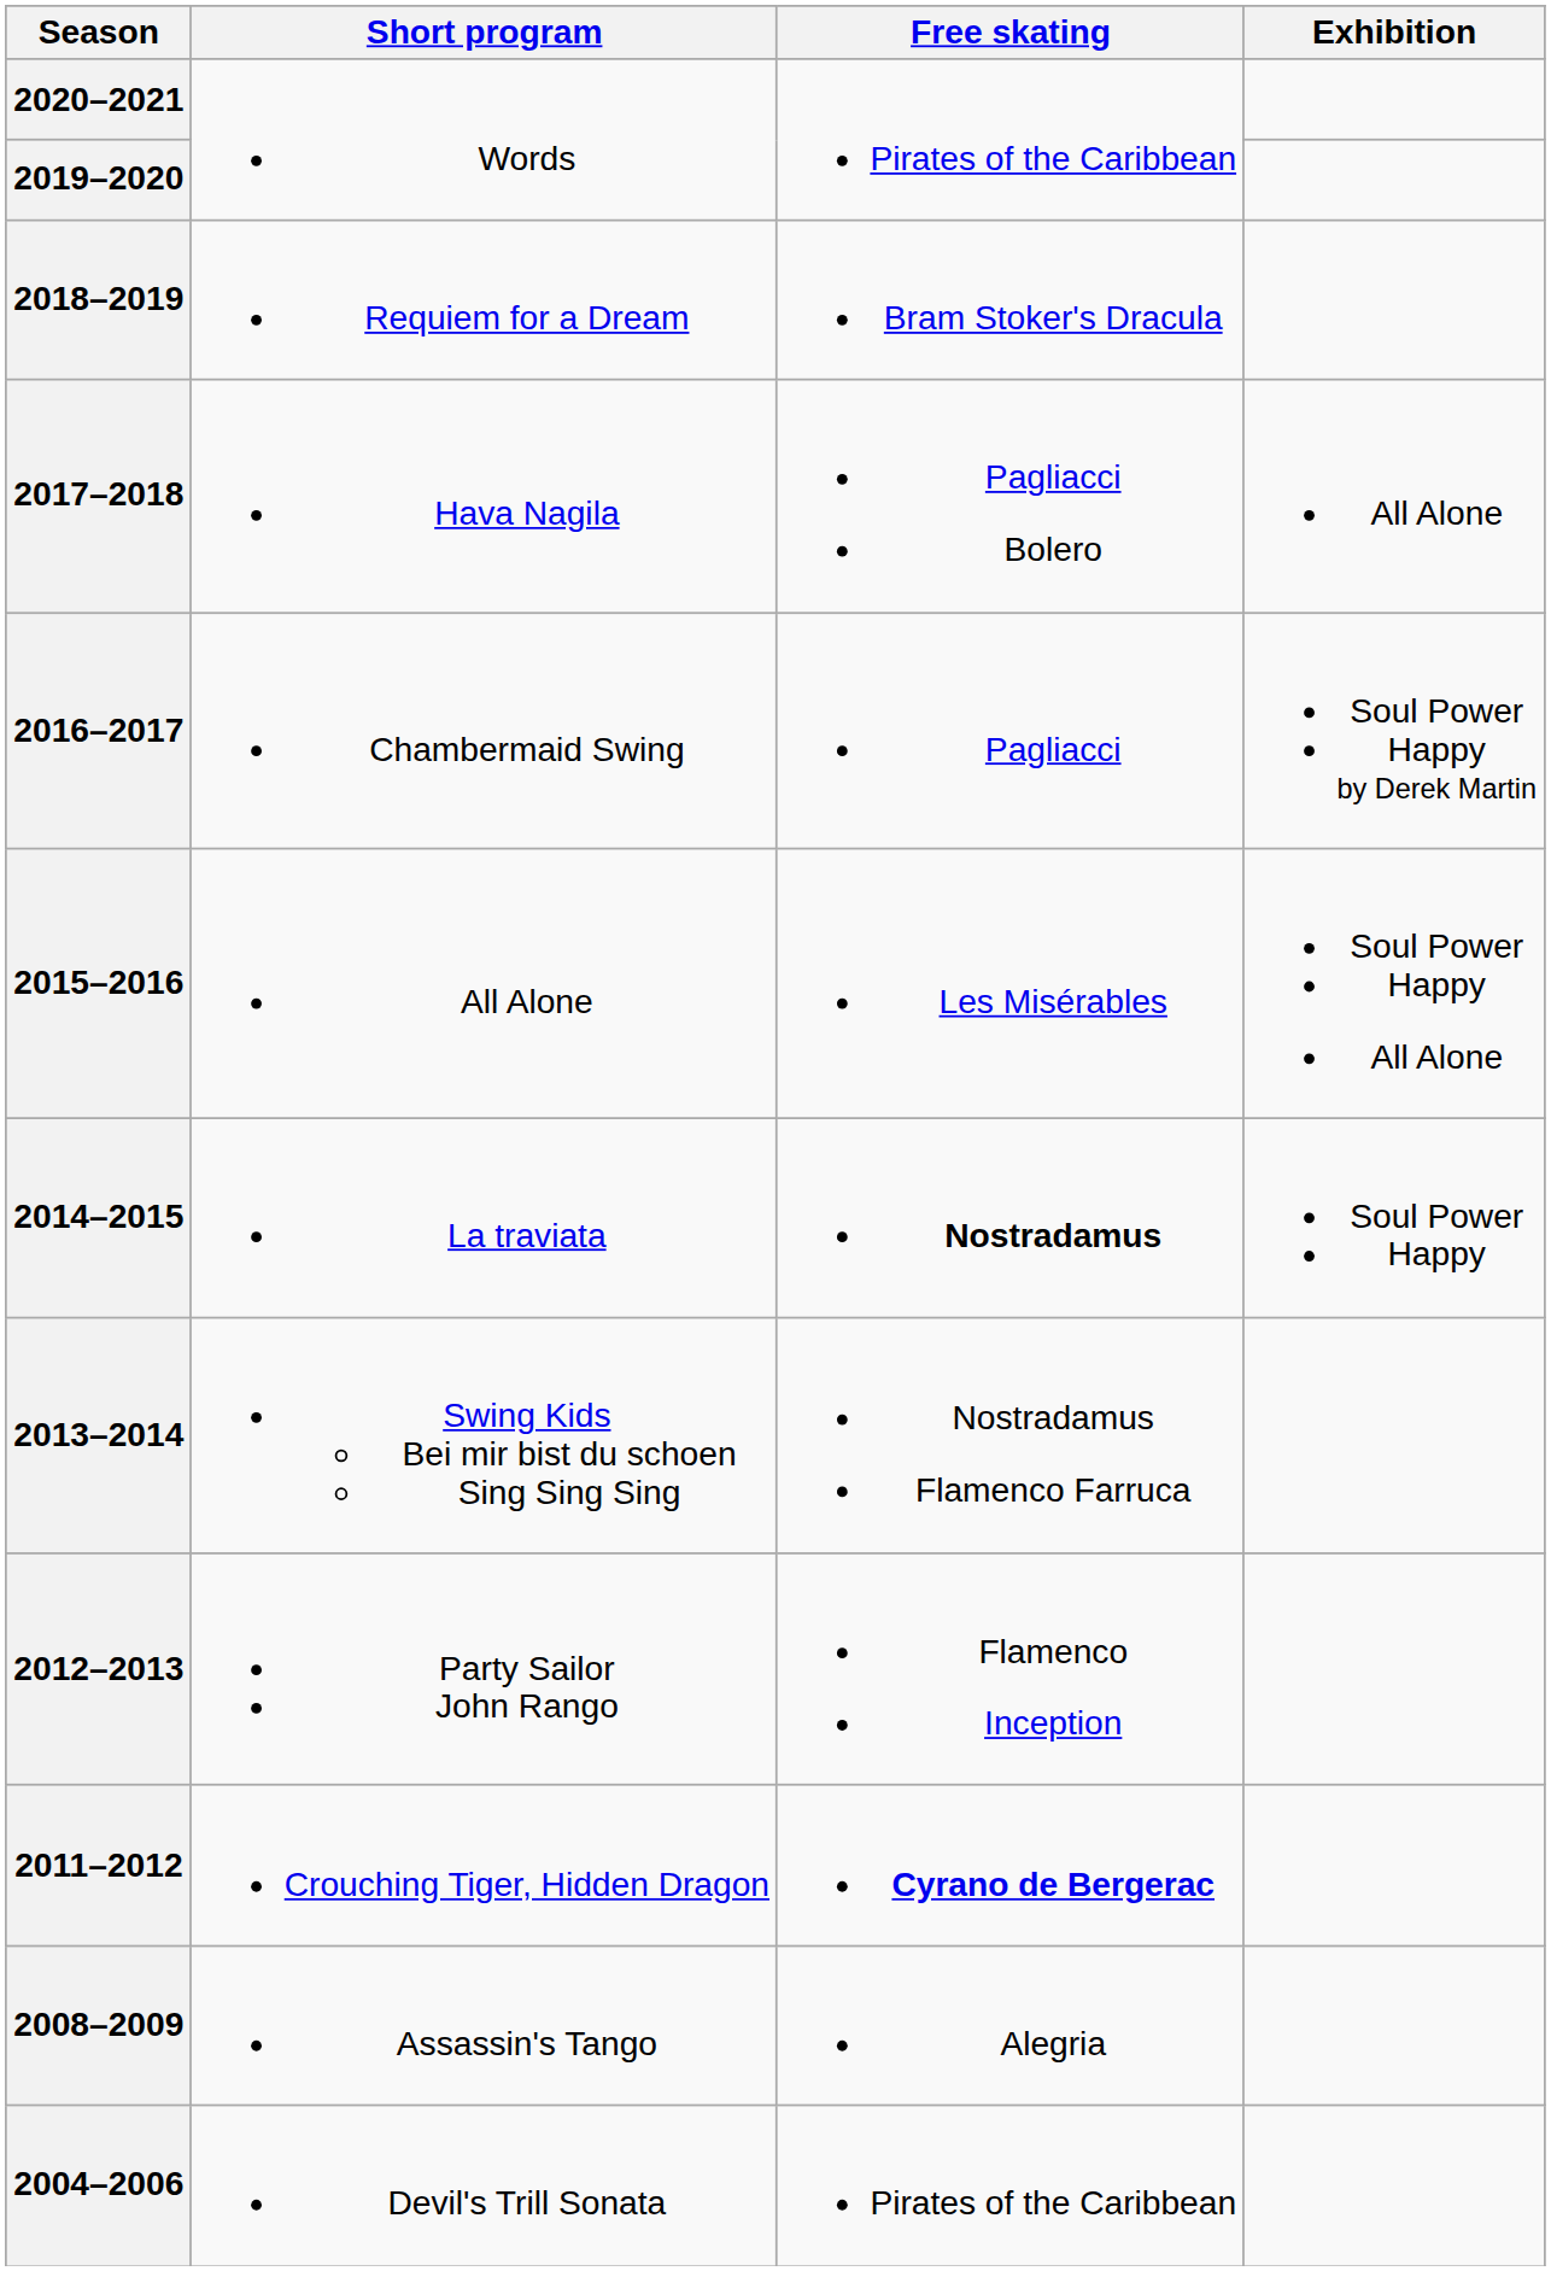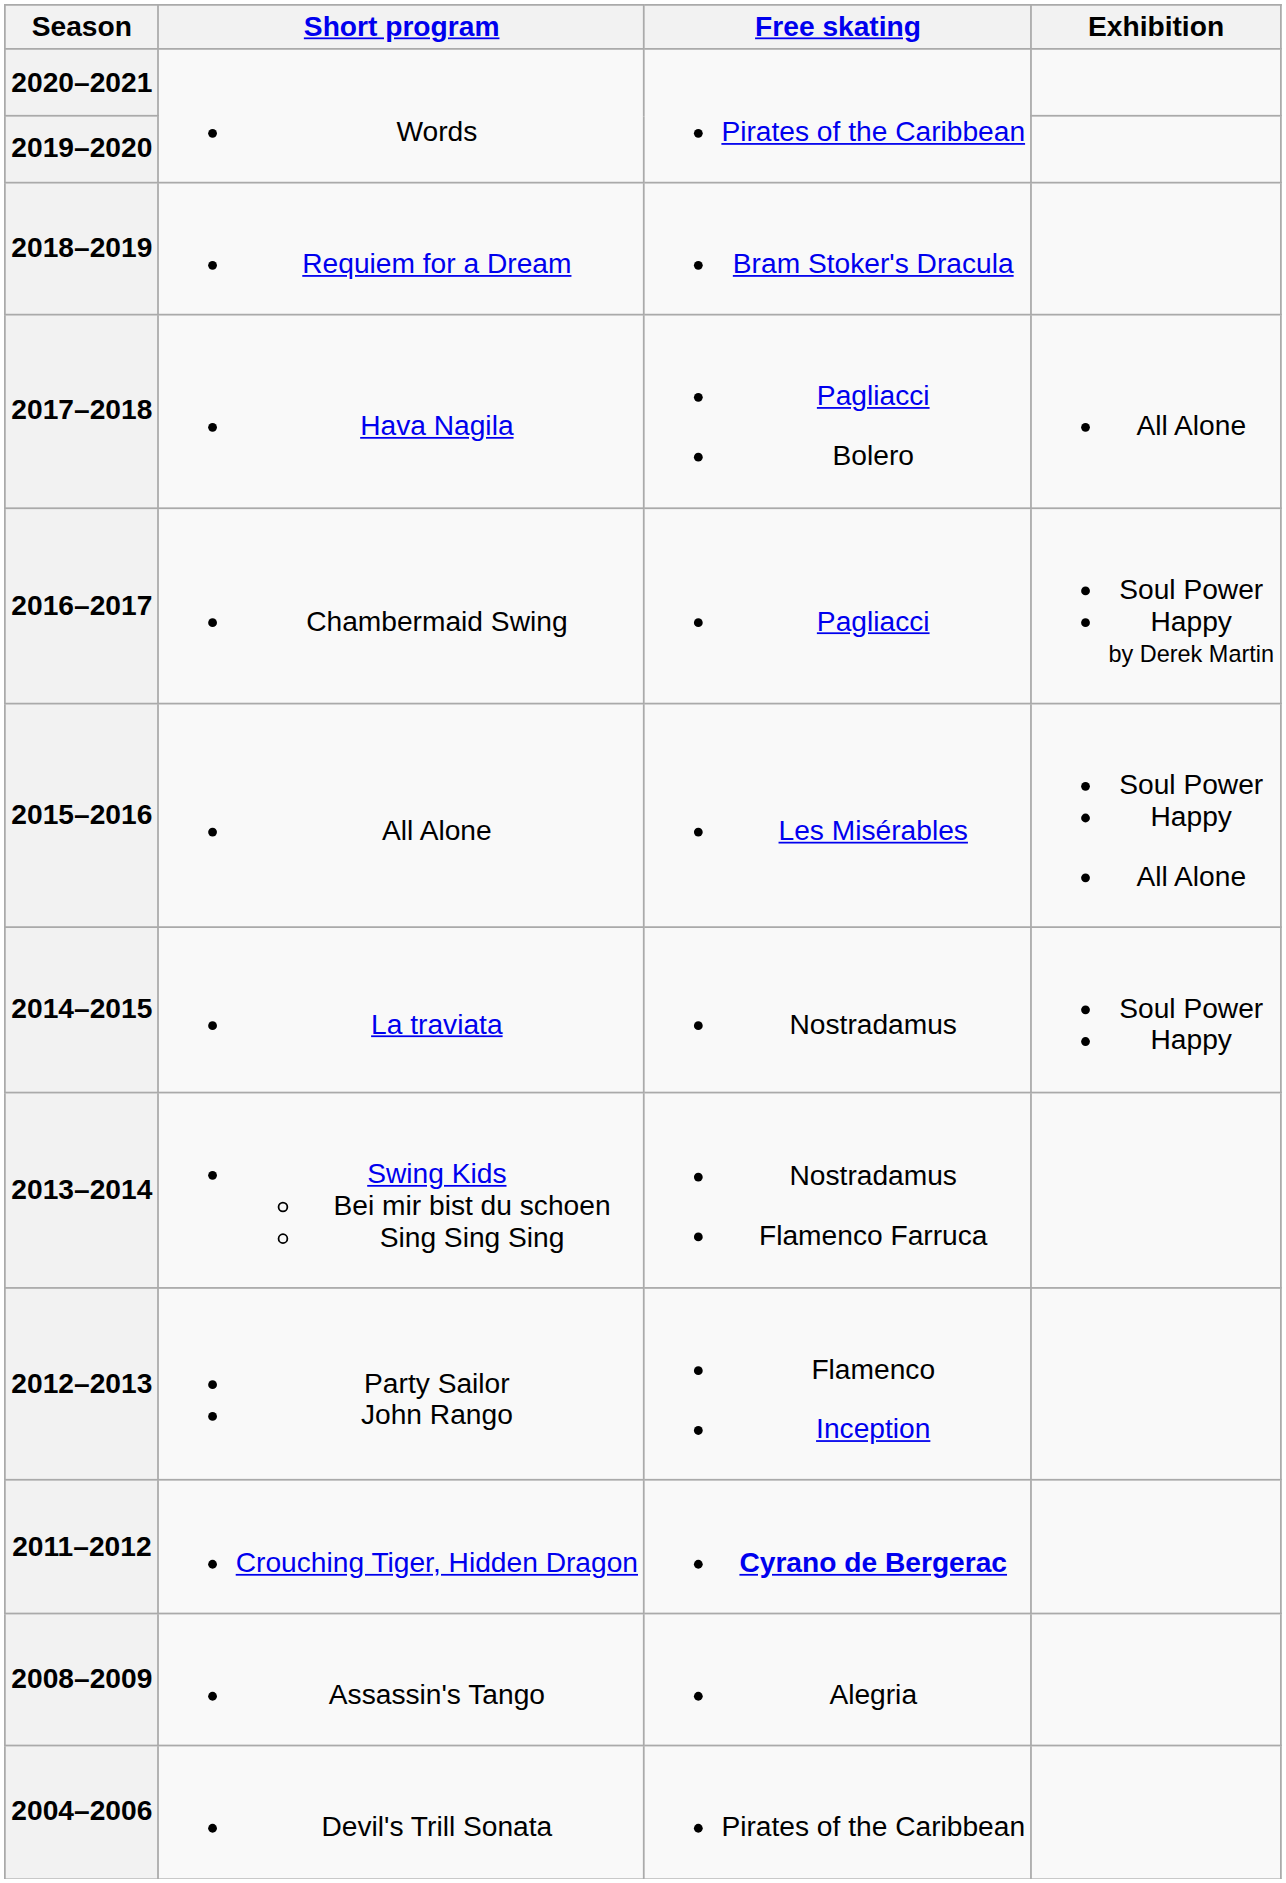 <table class=wikitable style=text-align:center>
 <tr>
 <th>Season</th>
 <th><a href='#'>Short program</a></th>
 <th><a href='#'>Free skating</a></th>
 <th>Exhibition</th>
 </tr>
 <tr>
 <th>2020–2021 <br></th>
 <td rowspan=2><br><ul><li>Words <br> </li></ul></td>
 <td rowspan=2><br><ul><li><a href='#'>Pirates of the Caribbean</a> <br></li></ul></td>
 <td></td>
 </tr>
 <tr>
 <th>2019–2020 <br></th>
 <td></td>
 </tr>
 <tr>
 <th>2018–2019 <br></th>
 <td><br><ul><li><a href='#'>Requiem for a Dream</a> <br> </li></ul></td>
 <td><br><ul><li><a href='#'>Bram Stoker's Dracula</a> <br> </li></ul></td>
 <td></td>
 </tr>
 <tr>
 <th>2017–2018 <br></th>
 <td><br><ul><li><a href='#'>Hava Nagila</a> <br></li></ul></td>
 <td><br><ul><li><a href='#'>Pagliacci</a> <br></li></ul><ul><li>Bolero <br> </li></ul></td>
 <td><br><ul><li>All Alone <br></li></ul></td>
 </tr>
 <tr>
 <th>2016–2017 <br></th>
 <td><br><ul><li>Chambermaid Swing <br></li></ul></td>
 <td><br><ul><li><a href='#'>Pagliacci</a> <br></li></ul></td>
 <td><br><ul><li>Soul Power</li><li>Happy<br><small>by Derek Martin</small></li></ul></td>
 </tr>
 <tr>
 <th>2015–2016 <br></th>
 <td><br><ul><li>All Alone <br></li></ul></td>
 <td><br><ul><li><a href='#'>Les Misérables</a> <br></li></ul></td>
 <td><br><ul><li>Soul Power</li><li>Happy <br></li></ul><ul><li>All Alone <br></li></ul></td>
 </tr>
 <tr>
 <th>2014–2015 <br></th>
 <td><br><ul><li><a href='#'>La traviata</a> <br></li></ul></td>
-<td><strong><br><ul><li>Nostradamus <br></li></ul></strong></td>
+<td><br><ul><li>Nostradamus <br></li></ul></td>
 <td><br><ul><li>Soul Power</li><li>Happy <br></li></ul></td>
 </tr>
 <tr>
 <th>2013–2014 <br></th>
 <td><br><ul><li><a href='#'>Swing Kids</a> <br><ul><li>Bei mir bist du schoen</li><li>Sing Sing Sing</li></ul></li></ul></td>
 <td><br><ul><li>Nostradamus <br></li></ul><ul><li>Flamenco Farruca</li></ul></td>
 <td></td>
 </tr>
 <tr>
 <th>2012–2013 <br></th>
 <td><br><ul><li>Party Sailor <br></li><li>John Rango <br></li></ul></td>
 <td><br><ul><li>Flamenco</li></ul><ul><li><a href='#'>Inception</a> <br></li></ul></td>
 <td></td>
 </tr>
 <tr>
 <th>2011–2012 <br></th>
 <td><br><ul><li><a href='#'>Crouching Tiger, Hidden Dragon</a> <br></li></ul></td>
 <td><strong><br><ul><li><a href='#'>Cyrano de Bergerac</a> <br></li></ul></strong></td>
 <td></td>
 </tr>
 <tr>
 <th>2008–2009 <br></th>
 <td><br><ul><li>Assassin's Tango <br></li></ul></td>
 <td><br><ul><li>Alegria <br></li></ul></td>
 <td></td>
 </tr>
 <tr>
 <th>2004–2006 <br></th>
 <td><br><ul><li>Devil's Trill Sonata <br></li></ul></td>
 <td><br><ul><li>Pirates of the Caribbean <br></li></ul></td>
 <td></td>
 </tr>
 </table>
